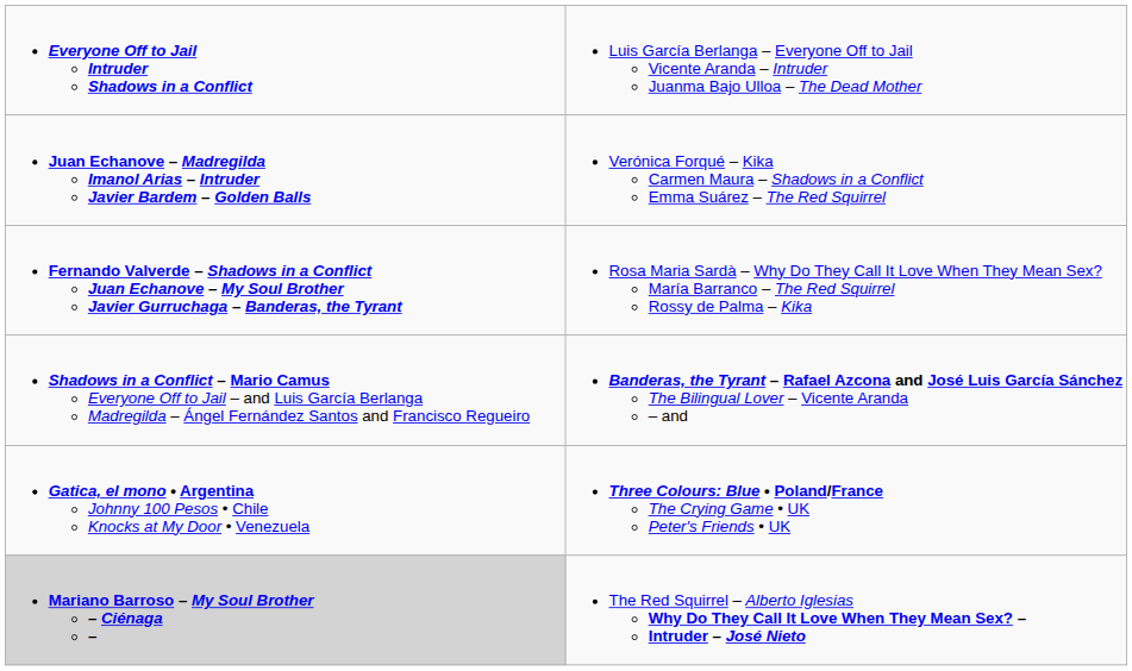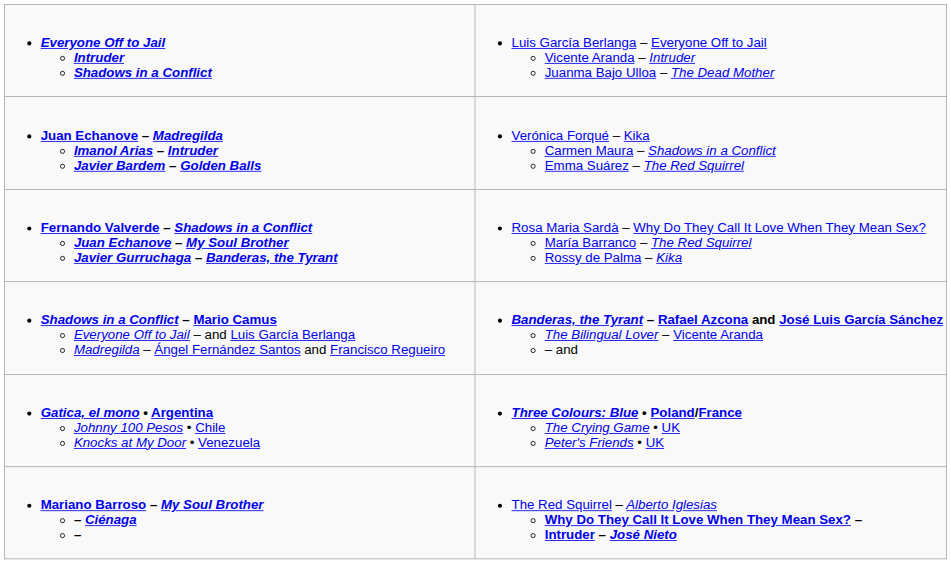 <table class=wikitable style="width=100%">
 <tr>
 <td style="vertical-align:top;" width="50%"><br><ul><li><strong> <em><a href='#'>Everyone Off to Jail</a><strong><em><ul><li></em><a href='#'>Intruder</a><em></li><li></em><a href='#'>Shadows in a Conflict</a><em></li></ul></li></ul></td>
 <td style="vertical-align:top;" width="50%"><br><ul><li></strong> <a href='#'>Luis García Berlanga</a> – </em><a href='#'>Everyone Off to Jail</a></em></strong><ul><li><a href='#'>Vicente Aranda</a> – <em><a href='#'>Intruder</a></em></li><li><a href='#'>Juanma Bajo Ulloa</a> – <em><a href='#'>The Dead Mother</a></em></li></ul></li></ul></td>
 </tr>
 <tr>
 <td style="vertical-align:top;" width="50%"><br><ul><li><strong> <a href='#'>Juan Echanove</a> – <em><a href='#'>Madregilda</a><strong><em><ul><li><a href='#'>Imanol Arias</a> – </em><a href='#'>Intruder</a><em></li><li><a href='#'>Javier Bardem</a> – </em><a href='#'>Golden Balls</a><em></li></ul></li></ul></td>
 <td style="vertical-align:top;" width="50%"><br><ul><li></strong> <a href='#'>Verónica Forqué</a> – </em><a href='#'>Kika</a></em></strong><ul><li><a href='#'>Carmen Maura</a> – <em><a href='#'>Shadows in a Conflict</a></em></li><li><a href='#'>Emma Suárez</a> – <em><a href='#'>The Red Squirrel</a></em></li></ul></li></ul></td>
 </tr>
 <tr>
 <td style="vertical-align:top;" width="50%"><br><ul><li><strong><a href='#'>Fernando Valverde</a> – <em><a href='#'>Shadows in a Conflict</a><strong><em><ul><li><a href='#'>Juan Echanove</a> – </em><a href='#'>My Soul Brother</a><em></li><li><a href='#'>Javier Gurruchaga</a> – </em><a href='#'>Banderas, the Tyrant</a><em></li></ul></li></ul></td>
 <td style="vertical-align:top;" width="50%"><br><ul><li></strong> <a href='#'>Rosa Maria Sardà</a> – </em><a href='#'>Why Do They Call It Love When They Mean Sex?</a></em></strong><ul><li><a href='#'>María Barranco</a> – <em><a href='#'>The Red Squirrel</a></em></li><li><a href='#'>Rossy de Palma</a> – <em><a href='#'>Kika</a></em></li></ul></li></ul></td>
 </tr>
 <tr>
 <td style="vertical-align:top;" width="50%"><br><ul><li><strong> <em><a href='#'>Shadows in a Conflict</a></em> – <a href='#'>Mario Camus</a> </strong><ul><li><em><a href='#'>Everyone Off to Jail</a></em> –  and <a href='#'>Luis García Berlanga</a></li><li><em><a href='#'>Madregilda</a></em> – <a href='#'>Ángel Fernández Santos</a> and <a href='#'>Francisco Regueiro</a></li></ul></li></ul></td>
 <td style="vertical-align:top;" width="50%"><br><ul><li><strong> <em><a href='#'>Banderas, the Tyrant</a></em> – <a href='#'>Rafael Azcona</a> and <a href='#'>José Luis García Sánchez</a></strong><ul><li><em><a href='#'>The Bilingual Lover</a></em> – <a href='#'>Vicente Aranda</a></li><li><em></em> –  and </li></ul></li></ul></td>
 </tr>
 <tr>
 <td style="vertical-align:top;" width="50%"><br><ul><li><strong> <em><a href='#'>Gatica, el mono</a></em> • <a href='#'>Argentina</a></strong><ul><li><em><a href='#'>Johnny 100 Pesos</a></em> • <a href='#'>Chile</a></li><li><em><a href='#'>Knocks at My Door</a></em> • <a href='#'>Venezuela</a></li></ul></li></ul></td>
 <td style="vertical-align:top;" width="50%"><br><ul><li><strong> <em><a href='#'>Three Colours: Blue</a></em> • <a href='#'>Poland</a>/<a href='#'>France</a></strong><ul><li><em><a href='#'>The Crying Game</a></em> • <a href='#'>UK</a></li><li><em><a href='#'>Peter's Friends</a></em> • <a href='#'>UK</a></li></ul></li></ul></td>
 </tr>
 <tr>
-<td style="background: lightgrey; vertical-align:top;" width="50%"><br><ul><li><strong> <a href='#'>Mariano Barroso</a> – <em><a href='#'>My Soul Brother</a><strong><em><ul><li> – </em><a href='#'>Ciénaga</a><em></li><li> – </em><em></li></ul></li></ul></td>
+<td style="vertical-align:top;" width="50%"><br><ul><li><strong> <a href='#'>Mariano Barroso</a> – <em><a href='#'>My Soul Brother</a><strong><em><ul><li> – </em><a href='#'>Ciénaga</a><em></li><li> – </em><em></li></ul></li></ul></td>
 <td style="vertical-align:top;" width="50%"><br><ul><li></strong> </em><a href='#'>The Red Squirrel</a><em> – <a href='#'>Alberto Iglesias</a><strong><ul><li></em><a href='#'>Why Do They Call It Love When They Mean Sex?</a><em> – </li><li></em><a href='#'>Intruder</a><em> – <a href='#'>José Nieto</a></li></ul></li></ul></td>
 </tr>
 </table>
